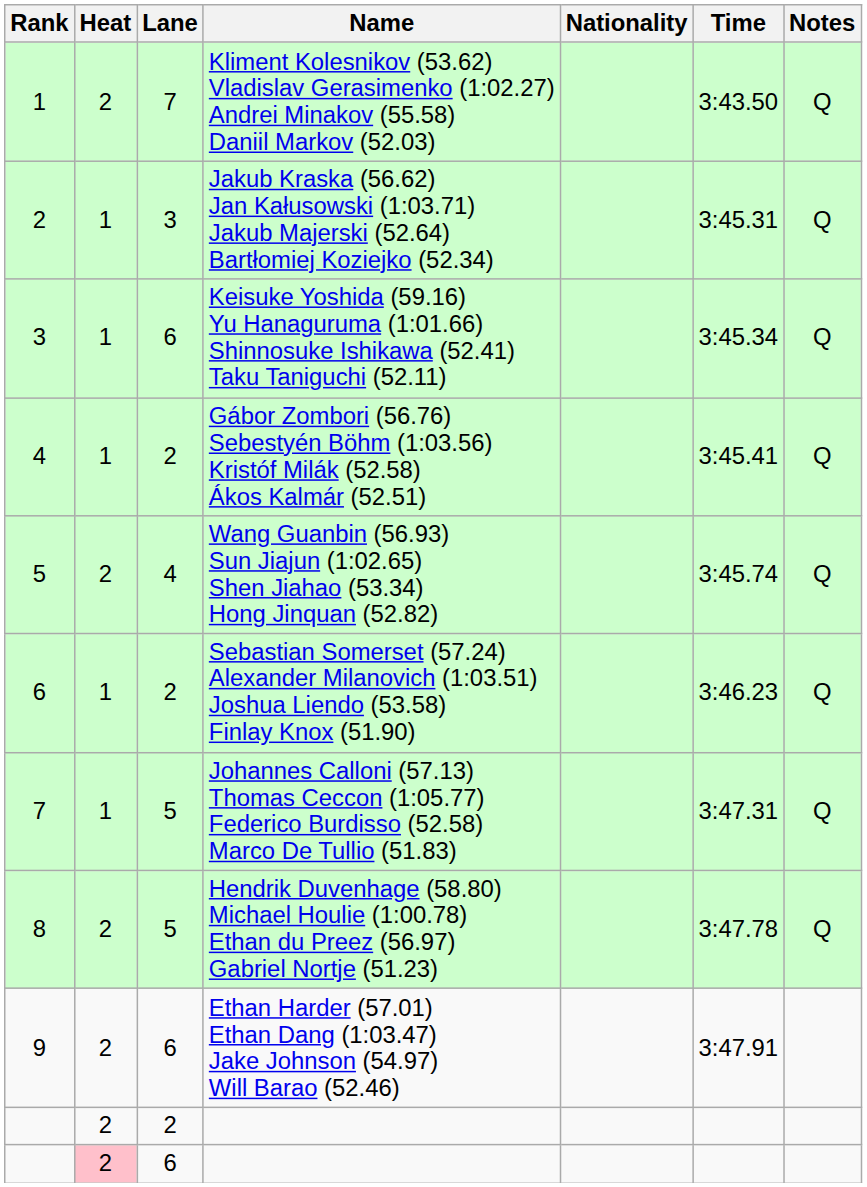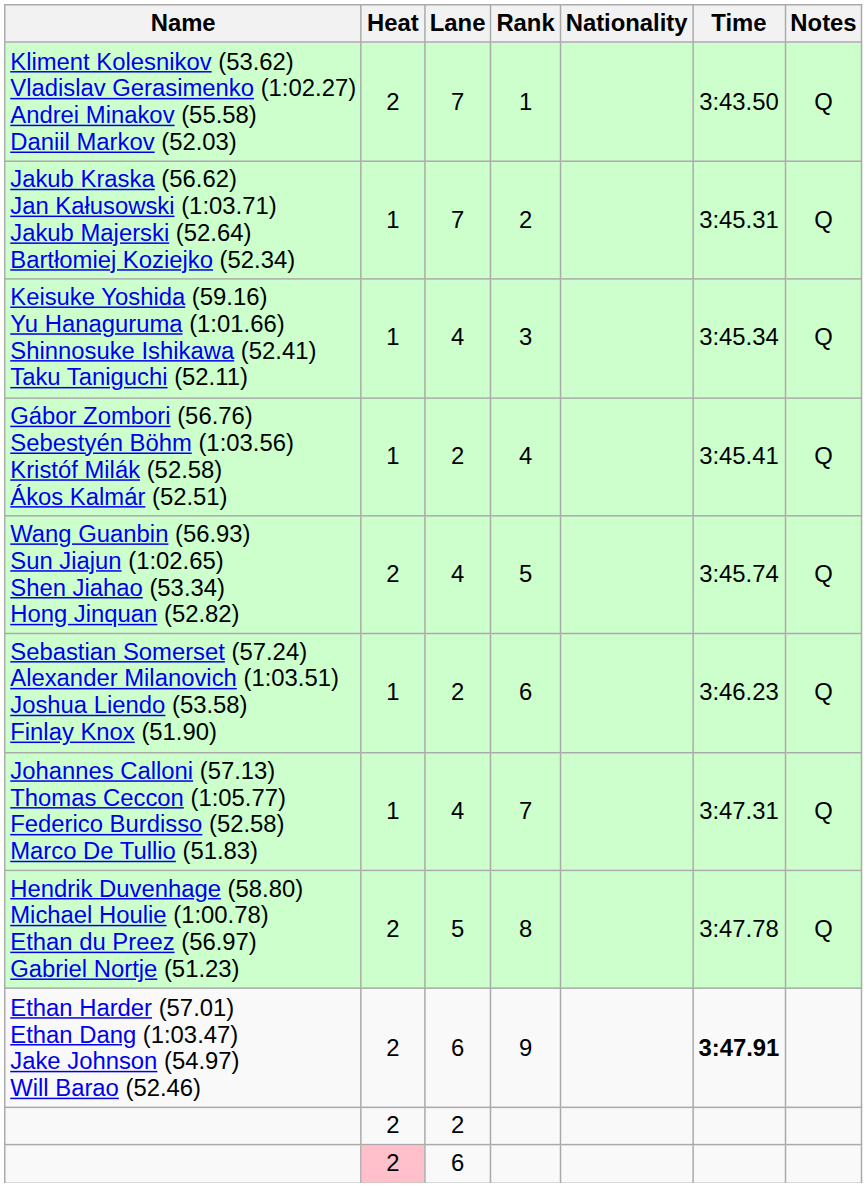 <table class="wikitable sortable" style="text-align:center">
 <tr>
-<th>Rank</th>
+<th>Name</th>
 <th>Heat</th>
 <th>Lane</th>
-<th>Name</th>
+<th>Rank</th>
 <th>Nationality</th>
 <th>Time</th>
 <th>Notes</th>
 </tr>
 <tr bgcolor=ccffcc>
-<td>1</td>
+<td align=left><a href='#'>Kliment Kolesnikov</a> (53.62)<br><a href='#'>Vladislav Gerasimenko</a> (1:02.27)<br><a href='#'>Andrei Minakov</a> (55.58)<br><a href='#'>Daniil Markov</a> (52.03)</td>
 <td>2</td>
 <td>7</td>
-<td align=left><a href='#'>Kliment Kolesnikov</a> (53.62)<br><a href='#'>Vladislav Gerasimenko</a> (1:02.27)<br><a href='#'>Andrei Minakov</a> (55.58)<br><a href='#'>Daniil Markov</a> (52.03)</td>
+<td>1</td>
 <td align=left></td>
 <td>3:43.50</td>
 <td>Q</td>
 </tr>
 <tr bgcolor=ccffcc>
+<td align=left><a href='#'>Jakub Kraska</a> (56.62)<br><a href='#'>Jan Kałusowski</a> (1:03.71)<br><a href='#'>Jakub Majerski</a> (52.64)<br><a href='#'>Bartłomiej Koziejko</a> (52.34)</td>
+<td>1</td>
+<td>7</td>
 <td>2</td>
-<td>1</td>
-<td>3</td>
-<td align=left><a href='#'>Jakub Kraska</a> (56.62)<br><a href='#'>Jan Kałusowski</a> (1:03.71)<br><a href='#'>Jakub Majerski</a> (52.64)<br><a href='#'>Bartłomiej Koziejko</a> (52.34)</td>
 <td align=left></td>
 <td>3:45.31</td>
 <td>Q</td>
 </tr>
 <tr bgcolor=ccffcc>
+<td align=left><a href='#'>Keisuke Yoshida</a> (59.16)<br><a href='#'>Yu Hanaguruma</a> (1:01.66)<br><a href='#'>Shinnosuke Ishikawa</a> (52.41)<br><a href='#'>Taku Taniguchi</a> (52.11)</td>
+<td>1</td>
+<td>4</td>
 <td>3</td>
-<td>1</td>
-<td>6</td>
-<td align=left><a href='#'>Keisuke Yoshida</a> (59.16)<br><a href='#'>Yu Hanaguruma</a> (1:01.66)<br><a href='#'>Shinnosuke Ishikawa</a> (52.41)<br><a href='#'>Taku Taniguchi</a> (52.11)</td>
 <td align=left></td>
 <td>3:45.34</td>
 <td>Q</td>
 </tr>
 <tr bgcolor=ccffcc>
-<td>4</td>
+<td align=left><a href='#'>Gábor Zombori</a> (56.76)<br><a href='#'>Sebestyén Böhm</a> (1:03.56)<br><a href='#'>Kristóf Milák</a> (52.58)<br><a href='#'>Ákos Kalmár</a> (52.51)</td>
 <td>1</td>
 <td>2</td>
-<td align=left><a href='#'>Gábor Zombori</a> (56.76)<br><a href='#'>Sebestyén Böhm</a> (1:03.56)<br><a href='#'>Kristóf Milák</a> (52.58)<br><a href='#'>Ákos Kalmár</a> (52.51)</td>
+<td>4</td>
 <td align=left></td>
 <td>3:45.41</td>
 <td>Q</td>
 </tr>
 <tr bgcolor=ccffcc>
-<td>5</td>
+<td align=left><a href='#'>Wang Guanbin</a> (56.93)<br><a href='#'>Sun Jiajun</a> (1:02.65)<br><a href='#'>Shen Jiahao</a> (53.34)<br><a href='#'>Hong Jinquan</a> (52.82)</td>
 <td>2</td>
 <td>4</td>
-<td align=left><a href='#'>Wang Guanbin</a> (56.93)<br><a href='#'>Sun Jiajun</a> (1:02.65)<br><a href='#'>Shen Jiahao</a> (53.34)<br><a href='#'>Hong Jinquan</a> (52.82)</td>
+<td>5</td>
 <td align=left></td>
 <td>3:45.74</td>
 <td>Q</td>
 </tr>
 <tr bgcolor=ccffcc>
-<td>6</td>
+<td align=left><a href='#'>Sebastian Somerset</a> (57.24)<br><a href='#'>Alexander Milanovich</a> (1:03.51)<br><a href='#'>Joshua Liendo</a> (53.58)<br><a href='#'>Finlay Knox</a> (51.90)</td>
 <td>1</td>
 <td>2</td>
-<td align=left><a href='#'>Sebastian Somerset</a> (57.24)<br><a href='#'>Alexander Milanovich</a> (1:03.51)<br><a href='#'>Joshua Liendo</a> (53.58)<br><a href='#'>Finlay Knox</a> (51.90)</td>
+<td>6</td>
 <td align=left></td>
 <td>3:46.23</td>
 <td>Q</td>
 </tr>
 <tr bgcolor=ccffcc>
+<td align=left><a href='#'>Johannes Calloni</a> (57.13)<br><a href='#'>Thomas Ceccon</a> (1:05.77)<br><a href='#'>Federico Burdisso</a> (52.58)<br><a href='#'>Marco De Tullio</a> (51.83)</td>
+<td>1</td>
+<td>4</td>
 <td>7</td>
-<td>1</td>
-<td>5</td>
-<td align=left><a href='#'>Johannes Calloni</a> (57.13)<br><a href='#'>Thomas Ceccon</a> (1:05.77)<br><a href='#'>Federico Burdisso</a> (52.58)<br><a href='#'>Marco De Tullio</a> (51.83)</td>
 <td align=left></td>
 <td>3:47.31</td>
 <td>Q</td>
 </tr>
 <tr bgcolor=ccffcc>
-<td>8</td>
+<td align=left><a href='#'>Hendrik Duvenhage</a> (58.80)<br><a href='#'>Michael Houlie</a> (1:00.78)<br><a href='#'>Ethan du Preez</a> (56.97)<br><a href='#'>Gabriel Nortje</a> (51.23)</td>
 <td>2</td>
 <td>5</td>
-<td align=left><a href='#'>Hendrik Duvenhage</a> (58.80)<br><a href='#'>Michael Houlie</a> (1:00.78)<br><a href='#'>Ethan du Preez</a> (56.97)<br><a href='#'>Gabriel Nortje</a> (51.23)</td>
+<td>8</td>
 <td align=left></td>
 <td>3:47.78</td>
 <td>Q</td>
 </tr>
 <tr>
-<td>9</td>
+<td align=left><a href='#'>Ethan Harder</a> (57.01)<br><a href='#'>Ethan Dang</a> (1:03.47)<br><a href='#'>Jake Johnson</a> (54.97)<br><a href='#'>Will Barao</a> (52.46)</td>
 <td>2</td>
 <td>6</td>
-<td align=left><a href='#'>Ethan Harder</a> (57.01)<br><a href='#'>Ethan Dang</a> (1:03.47)<br><a href='#'>Jake Johnson</a> (54.97)<br><a href='#'>Will Barao</a> (52.46)</td>
+<td>9</td>
 <td align=left></td>
-<td>3:47.91</td>
+<td><strong>3:47.91</strong></td>
 <td></td>
 </tr>
 <tr>
-<td></td>
+<td align=left></td>
 <td>2</td>
 <td>2</td>
-<td align=left></td>
+<td></td>
 <td align=left></td>
 <td></td>
 <td></td>
 </tr>
 <tr>
-<td></td>
+<td align=left></td>
 <td style="background: pink;">2</td>
 <td>6</td>
-<td align=left></td>
+<td></td>
 <td align=left></td>
 <td></td>
 <td></td>
 </tr>
 </table>
